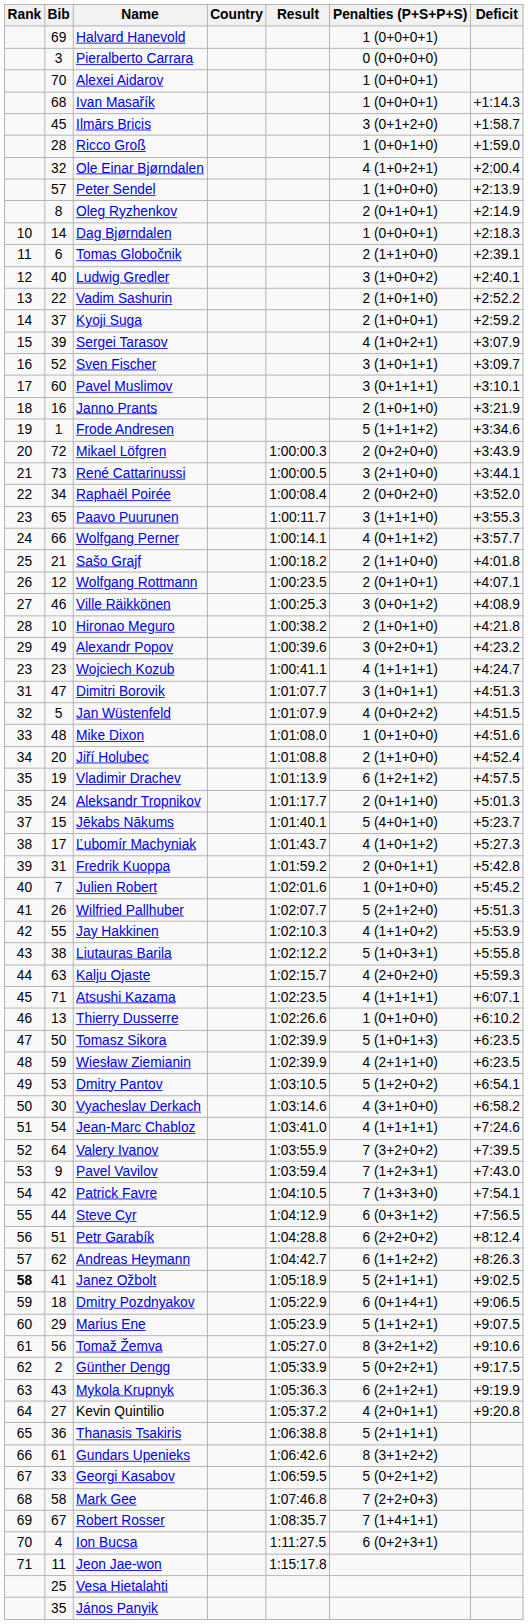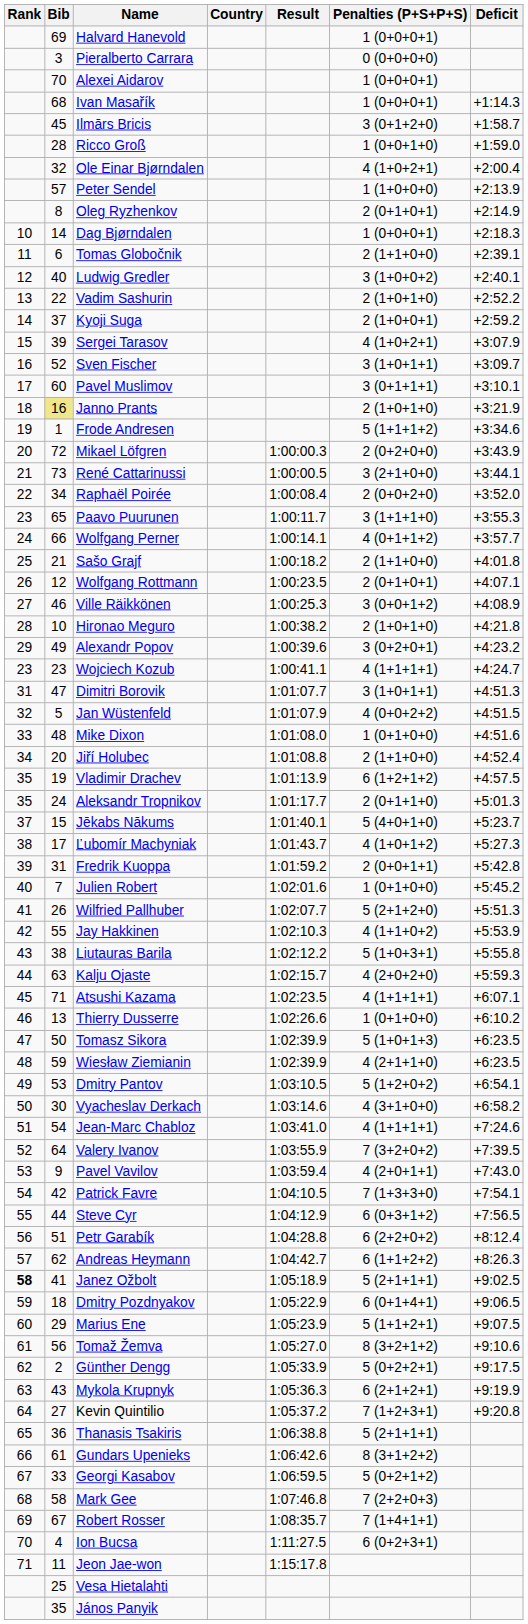 <table class="wikitable sortable" style="text-align:center">
 <tr>
 <th>Rank</th>
 <th>Bib</th>
 <th>Name</th>
 <th>Country</th>
 <th>Result</th>
 <th>Penalties (P+S+P+S)</th>
 <th>Deficit</th>
 </tr>
 <tr>
 <td></td>
 <td>69</td>
 <td align="left"><a href='#'>Halvard Hanevold</a></td>
 <td align="left"></td>
 <td></td>
 <td>1 (0+0+0+1)</td>
 <td></td>
 </tr>
 <tr>
 <td></td>
 <td>3</td>
 <td align="left"><a href='#'>Pieralberto Carrara</a></td>
 <td align="left"></td>
 <td></td>
 <td>0 (0+0+0+0)</td>
 <td></td>
 </tr>
 <tr>
 <td></td>
 <td>70</td>
 <td align="left"><a href='#'>Alexei Aidarov</a></td>
 <td align="left"></td>
 <td></td>
 <td>1 (0+0+0+1)</td>
 <td></td>
 </tr>
 <tr>
 <td></td>
 <td>68</td>
 <td align="left"><a href='#'>Ivan Masařík</a></td>
 <td align="left"></td>
 <td></td>
 <td>1 (0+0+0+1)</td>
 <td>+1:14.3</td>
 </tr>
 <tr>
 <td></td>
 <td>45</td>
 <td align="left"><a href='#'>Ilmārs Bricis</a></td>
 <td align="left"></td>
 <td></td>
 <td>3 (0+1+2+0)</td>
 <td>+1:58.7</td>
 </tr>
 <tr>
 <td></td>
 <td>28</td>
 <td align="left"><a href='#'>Ricco Groß</a></td>
 <td align="left"></td>
 <td></td>
 <td>1 (0+0+1+0)</td>
 <td>+1:59.0</td>
 </tr>
 <tr>
 <td></td>
 <td>32</td>
 <td align="left"><a href='#'>Ole Einar Bjørndalen</a></td>
 <td align="left"></td>
 <td></td>
 <td>4 (1+0+2+1)</td>
 <td>+2:00.4</td>
 </tr>
 <tr>
 <td></td>
 <td>57</td>
 <td align="left"><a href='#'>Peter Sendel</a></td>
 <td align="left"></td>
 <td></td>
 <td>1 (1+0+0+0)</td>
 <td>+2:13.9</td>
 </tr>
 <tr>
 <td></td>
 <td>8</td>
 <td align="left"><a href='#'>Oleg Ryzhenkov</a></td>
 <td align="left"></td>
 <td></td>
 <td>2 (0+1+0+1)</td>
 <td>+2:14.9</td>
 </tr>
 <tr>
 <td>10</td>
 <td>14</td>
 <td align="left"><a href='#'>Dag Bjørndalen</a></td>
 <td align="left"></td>
 <td></td>
 <td>1 (0+0+0+1)</td>
 <td>+2:18.3</td>
 </tr>
 <tr>
 <td>11</td>
 <td>6</td>
 <td align="left"><a href='#'>Tomas Globočnik</a></td>
 <td align="left"></td>
 <td></td>
 <td>2 (1+1+0+0)</td>
 <td>+2:39.1</td>
 </tr>
 <tr>
 <td>12</td>
 <td>40</td>
 <td align="left"><a href='#'>Ludwig Gredler</a></td>
 <td align="left"></td>
 <td></td>
 <td>3 (1+0+0+2)</td>
 <td>+2:40.1</td>
 </tr>
 <tr>
 <td>13</td>
 <td>22</td>
 <td align="left"><a href='#'>Vadim Sashurin</a></td>
 <td align="left"></td>
 <td></td>
 <td>2 (1+0+1+0)</td>
 <td>+2:52.2</td>
 </tr>
 <tr>
 <td>14</td>
 <td>37</td>
 <td align="left"><a href='#'>Kyoji Suga</a></td>
 <td align="left"></td>
 <td></td>
 <td>2 (1+0+0+1)</td>
 <td>+2:59.2</td>
 </tr>
 <tr>
 <td>15</td>
 <td>39</td>
 <td align="left"><a href='#'>Sergei Tarasov</a></td>
 <td align="left"></td>
 <td></td>
 <td>4 (1+0+2+1)</td>
 <td>+3:07.9</td>
 </tr>
 <tr>
 <td>16</td>
 <td>52</td>
 <td align="left"><a href='#'>Sven Fischer</a></td>
 <td align="left"></td>
 <td></td>
 <td>3 (1+0+1+1)</td>
 <td>+3:09.7</td>
 </tr>
 <tr>
 <td>17</td>
 <td>60</td>
 <td align="left"><a href='#'>Pavel Muslimov</a></td>
 <td align="left"></td>
 <td></td>
 <td>3 (0+1+1+1)</td>
 <td>+3:10.1</td>
 </tr>
 <tr>
 <td>18</td>
-<td>16</td>
+<td style="background: khaki;">16</td>
 <td align="left"><a href='#'>Janno Prants</a></td>
 <td align="left"></td>
 <td></td>
 <td>2 (1+0+1+0)</td>
 <td>+3:21.9</td>
 </tr>
 <tr>
 <td>19</td>
 <td>1</td>
 <td align="left"><a href='#'>Frode Andresen</a></td>
 <td align="left"></td>
 <td></td>
 <td>5 (1+1+1+2)</td>
 <td>+3:34.6</td>
 </tr>
 <tr>
 <td>20</td>
 <td>72</td>
 <td align="left"><a href='#'>Mikael Löfgren</a></td>
 <td align="left"></td>
 <td>1:00:00.3</td>
 <td>2 (0+2+0+0)</td>
 <td>+3:43.9</td>
 </tr>
 <tr>
 <td>21</td>
 <td>73</td>
 <td align="left"><a href='#'>René Cattarinussi</a></td>
 <td align="left"></td>
 <td>1:00:00.5</td>
 <td>3 (2+1+0+0)</td>
 <td>+3:44.1</td>
 </tr>
 <tr>
 <td>22</td>
 <td>34</td>
 <td align="left"><a href='#'>Raphaël Poirée</a></td>
 <td align="left"></td>
 <td>1:00:08.4</td>
 <td>2 (0+0+2+0)</td>
 <td>+3:52.0</td>
 </tr>
 <tr>
 <td>23</td>
 <td>65</td>
 <td align="left"><a href='#'>Paavo Puurunen</a></td>
 <td align="left"></td>
 <td>1:00:11.7</td>
 <td>3 (1+1+1+0)</td>
 <td>+3:55.3</td>
 </tr>
 <tr>
 <td>24</td>
 <td>66</td>
 <td align="left"><a href='#'>Wolfgang Perner</a></td>
 <td align="left"></td>
 <td>1:00:14.1</td>
 <td>4 (0+1+1+2)</td>
 <td>+3:57.7</td>
 </tr>
 <tr>
 <td>25</td>
 <td>21</td>
 <td align="left"><a href='#'>Sašo Grajf</a></td>
 <td align="left"></td>
 <td>1:00:18.2</td>
 <td>2 (1+1+0+0)</td>
 <td>+4:01.8</td>
 </tr>
 <tr>
 <td>26</td>
 <td>12</td>
 <td align="left"><a href='#'>Wolfgang Rottmann</a></td>
 <td align="left"></td>
 <td>1:00:23.5</td>
 <td>2 (0+1+0+1)</td>
 <td>+4:07.1</td>
 </tr>
 <tr>
 <td>27</td>
 <td>46</td>
 <td align="left"><a href='#'>Ville Räikkönen</a></td>
 <td align="left"></td>
 <td>1:00:25.3</td>
 <td>3 (0+0+1+2)</td>
 <td>+4:08.9</td>
 </tr>
 <tr>
 <td>28</td>
 <td>10</td>
 <td align="left"><a href='#'>Hironao Meguro</a></td>
 <td align="left"></td>
 <td>1:00:38.2</td>
 <td>2 (1+0+1+0)</td>
 <td>+4:21.8</td>
 </tr>
 <tr>
 <td>29</td>
 <td>49</td>
 <td align="left"><a href='#'>Alexandr Popov</a></td>
 <td align="left"></td>
 <td>1:00:39.6</td>
 <td>3 (0+2+0+1)</td>
 <td>+4:23.2</td>
 </tr>
 <tr>
 <td>23</td>
 <td>23</td>
 <td align="left"><a href='#'>Wojciech Kozub</a></td>
 <td align="left"></td>
 <td>1:00:41.1</td>
 <td>4 (1+1+1+1)</td>
 <td>+4:24.7</td>
 </tr>
 <tr>
 <td>31</td>
 <td>47</td>
 <td align="left"><a href='#'>Dimitri Borovik</a></td>
 <td align="left"></td>
 <td>1:01:07.7</td>
 <td>3 (1+0+1+1)</td>
 <td>+4:51.3</td>
 </tr>
 <tr>
 <td>32</td>
 <td>5</td>
 <td align="left"><a href='#'>Jan Wüstenfeld</a></td>
 <td align="left"></td>
 <td>1:01:07.9</td>
 <td>4 (0+0+2+2)</td>
 <td>+4:51.5</td>
 </tr>
 <tr>
 <td>33</td>
 <td>48</td>
 <td align="left"><a href='#'>Mike Dixon</a></td>
 <td align="left"></td>
 <td>1:01:08.0</td>
 <td>1 (0+1+0+0)</td>
 <td>+4:51.6</td>
 </tr>
 <tr>
 <td>34</td>
 <td>20</td>
 <td align="left"><a href='#'>Jiří Holubec</a></td>
 <td align="left"></td>
 <td>1:01:08.8</td>
 <td>2 (1+1+0+0)</td>
 <td>+4:52.4</td>
 </tr>
 <tr>
 <td>35</td>
 <td>19</td>
 <td align="left"><a href='#'>Vladimir Drachev</a></td>
 <td align="left"></td>
 <td>1:01:13.9</td>
 <td>6 (1+2+1+2)</td>
 <td>+4:57.5</td>
 </tr>
 <tr>
 <td>35</td>
 <td>24</td>
 <td align="left"><a href='#'>Aleksandr Tropnikov</a></td>
 <td align="left"></td>
 <td>1:01:17.7</td>
 <td>2 (0+1+1+0)</td>
 <td>+5:01.3</td>
 </tr>
 <tr>
 <td>37</td>
 <td>15</td>
 <td align="left"><a href='#'>Jēkabs Nākums</a></td>
 <td align="left"></td>
 <td>1:01:40.1</td>
 <td>5 (4+0+1+0)</td>
 <td>+5:23.7</td>
 </tr>
 <tr>
 <td>38</td>
 <td>17</td>
 <td align="left"><a href='#'>Ľubomír Machyniak</a></td>
 <td align="left"></td>
 <td>1:01:43.7</td>
 <td>4 (1+0+1+2)</td>
 <td>+5:27.3</td>
 </tr>
 <tr>
 <td>39</td>
 <td>31</td>
 <td align="left"><a href='#'>Fredrik Kuoppa</a></td>
 <td align="left"></td>
 <td>1:01:59.2</td>
 <td>2 (0+0+1+1)</td>
 <td>+5:42.8</td>
 </tr>
 <tr>
 <td>40</td>
 <td>7</td>
 <td align="left"><a href='#'>Julien Robert</a></td>
 <td align="left"></td>
 <td>1:02:01.6</td>
 <td>1 (0+1+0+0)</td>
 <td>+5:45.2</td>
 </tr>
 <tr>
 <td>41</td>
 <td>26</td>
 <td align="left"><a href='#'>Wilfried Pallhuber</a></td>
 <td align="left"></td>
 <td>1:02:07.7</td>
 <td>5 (2+1+2+0)</td>
 <td>+5:51.3</td>
 </tr>
 <tr>
 <td>42</td>
 <td>55</td>
 <td align="left"><a href='#'>Jay Hakkinen</a></td>
 <td align="left"></td>
 <td>1:02:10.3</td>
 <td>4 (1+1+0+2)</td>
 <td>+5:53.9</td>
 </tr>
 <tr>
 <td>43</td>
 <td>38</td>
 <td align="left"><a href='#'>Liutauras Barila</a></td>
 <td align="left"></td>
 <td>1:02:12.2</td>
 <td>5 (1+0+3+1)</td>
 <td>+5:55.8</td>
 </tr>
 <tr>
 <td>44</td>
 <td>63</td>
 <td align="left"><a href='#'>Kalju Ojaste</a></td>
 <td align="left"></td>
 <td>1:02:15.7</td>
 <td>4 (2+0+2+0)</td>
 <td>+5:59.3</td>
 </tr>
 <tr>
 <td>45</td>
 <td>71</td>
 <td align="left"><a href='#'>Atsushi Kazama</a></td>
 <td align="left"></td>
 <td>1:02:23.5</td>
 <td>4 (1+1+1+1)</td>
 <td>+6:07.1</td>
 </tr>
 <tr>
 <td>46</td>
 <td>13</td>
 <td align="left"><a href='#'>Thierry Dusserre</a></td>
 <td align="left"></td>
 <td>1:02:26.6</td>
 <td>1 (0+1+0+0)</td>
 <td>+6:10.2</td>
 </tr>
 <tr>
 <td>47</td>
 <td>50</td>
 <td align="left"><a href='#'>Tomasz Sikora</a></td>
 <td align="left"></td>
 <td>1:02:39.9</td>
 <td>5 (1+0+1+3)</td>
 <td>+6:23.5</td>
 </tr>
 <tr>
 <td>48</td>
 <td>59</td>
 <td align="left"><a href='#'>Wiesław Ziemianin</a></td>
 <td align="left"></td>
 <td>1:02:39.9</td>
 <td>4 (2+1+1+0)</td>
 <td>+6:23.5</td>
 </tr>
 <tr>
 <td>49</td>
 <td>53</td>
 <td align="left"><a href='#'>Dmitry Pantov</a></td>
 <td align="left"></td>
 <td>1:03:10.5</td>
 <td>5 (1+2+0+2)</td>
 <td>+6:54.1</td>
 </tr>
 <tr>
 <td>50</td>
 <td>30</td>
 <td align="left"><a href='#'>Vyacheslav Derkach</a></td>
 <td align="left"></td>
 <td>1:03:14.6</td>
 <td>4 (3+1+0+0)</td>
 <td>+6:58.2</td>
 </tr>
 <tr>
 <td>51</td>
 <td>54</td>
 <td align="left"><a href='#'>Jean-Marc Chabloz</a></td>
 <td align="left"></td>
 <td>1:03:41.0</td>
 <td>4 (1+1+1+1)</td>
 <td>+7:24.6</td>
 </tr>
 <tr>
 <td>52</td>
 <td>64</td>
 <td align="left"><a href='#'>Valery Ivanov</a></td>
 <td align="left"></td>
 <td>1:03:55.9</td>
 <td>7 (3+2+0+2)</td>
 <td>+7:39.5</td>
 </tr>
 <tr>
 <td>53</td>
 <td>9</td>
 <td align="left"><a href='#'>Pavel Vavilov</a></td>
 <td align="left"></td>
 <td>1:03:59.4</td>
-<td>7 (1+2+3+1)</td>
+<td>4 (2+0+1+1)</td>
 <td>+7:43.0</td>
 </tr>
 <tr>
 <td>54</td>
 <td>42</td>
 <td align="left"><a href='#'>Patrick Favre</a></td>
 <td align="left"></td>
 <td>1:04:10.5</td>
 <td>7 (1+3+3+0)</td>
 <td>+7:54.1</td>
 </tr>
 <tr>
 <td>55</td>
 <td>44</td>
 <td align="left"><a href='#'>Steve Cyr</a></td>
 <td align="left"></td>
 <td>1:04:12.9</td>
 <td>6 (0+3+1+2)</td>
 <td>+7:56.5</td>
 </tr>
 <tr>
 <td>56</td>
 <td>51</td>
 <td align="left"><a href='#'>Petr Garabík</a></td>
 <td align="left"></td>
 <td>1:04:28.8</td>
 <td>6 (2+2+0+2)</td>
 <td>+8:12.4</td>
 </tr>
 <tr>
 <td>57</td>
 <td>62</td>
 <td align="left"><a href='#'>Andreas Heymann</a></td>
 <td align="left"></td>
 <td>1:04:42.7</td>
 <td>6 (1+1+2+2)</td>
 <td>+8:26.3</td>
 </tr>
 <tr>
 <td><strong>58</strong></td>
 <td>41</td>
 <td align="left"><a href='#'>Janez Ožbolt</a></td>
 <td align="left"></td>
 <td>1:05:18.9</td>
 <td>5 (2+1+1+1)</td>
 <td>+9:02.5</td>
 </tr>
 <tr>
 <td>59</td>
 <td>18</td>
 <td align="left"><a href='#'>Dmitry Pozdnyakov</a></td>
 <td align="left"></td>
 <td>1:05:22.9</td>
 <td>6 (0+1+4+1)</td>
 <td>+9:06.5</td>
 </tr>
 <tr>
 <td>60</td>
 <td>29</td>
 <td align="left"><a href='#'>Marius Ene</a></td>
 <td align="left"></td>
 <td>1:05:23.9</td>
 <td>5 (1+1+2+1)</td>
 <td>+9:07.5</td>
 </tr>
 <tr>
 <td>61</td>
 <td>56</td>
 <td align="left"><a href='#'>Tomaž Žemva</a></td>
 <td align="left"></td>
 <td>1:05:27.0</td>
 <td>8 (3+2+1+2)</td>
 <td>+9:10.6</td>
 </tr>
 <tr>
 <td>62</td>
 <td>2</td>
 <td align="left"><a href='#'>Günther Dengg</a></td>
 <td align="left"></td>
 <td>1:05:33.9</td>
 <td>5 (0+2+2+1)</td>
 <td>+9:17.5</td>
 </tr>
 <tr>
 <td>63</td>
 <td>43</td>
 <td align="left"><a href='#'>Mykola Krupnyk</a></td>
 <td align="left"></td>
 <td>1:05:36.3</td>
 <td>6 (2+1+2+1)</td>
 <td>+9:19.9</td>
 </tr>
 <tr>
 <td>64</td>
 <td>27</td>
 <td align="left">Kevin Quintilio</td>
 <td align="left"></td>
 <td>1:05:37.2</td>
-<td>4 (2+0+1+1)</td>
+<td>7 (1+2+3+1)</td>
 <td>+9:20.8</td>
 </tr>
 <tr>
 <td>65</td>
 <td>36</td>
 <td align="left"><a href='#'>Thanasis Tsakiris</a></td>
 <td align="left"></td>
 <td>1:06:38.8</td>
 <td>5 (2+1+1+1)</td>
 <td></td>
 </tr>
 <tr>
 <td>66</td>
 <td>61</td>
 <td align="left"><a href='#'>Gundars Upenieks</a></td>
 <td align="left"></td>
 <td>1:06:42.6</td>
 <td>8 (3+1+2+2)</td>
 <td></td>
 </tr>
 <tr>
 <td>67</td>
 <td>33</td>
 <td align="left"><a href='#'>Georgi Kasabov</a></td>
 <td align="left"></td>
 <td>1:06:59.5</td>
 <td>5 (0+2+1+2)</td>
 <td></td>
 </tr>
 <tr>
 <td>68</td>
 <td>58</td>
 <td align="left"><a href='#'>Mark Gee</a></td>
 <td align="left"></td>
 <td>1:07:46.8</td>
 <td>7 (2+2+0+3)</td>
 <td></td>
 </tr>
 <tr>
 <td>69</td>
 <td>67</td>
 <td align="left"><a href='#'>Robert Rosser</a></td>
 <td align="left"></td>
 <td>1:08:35.7</td>
 <td>7 (1+4+1+1)</td>
 <td></td>
 </tr>
 <tr>
 <td>70</td>
 <td>4</td>
 <td align="left"><a href='#'>Ion Bucsa</a></td>
 <td align="left"></td>
 <td>1:11:27.5</td>
 <td>6 (0+2+3+1)</td>
 <td></td>
 </tr>
 <tr>
 <td>71</td>
 <td>11</td>
 <td align="left"><a href='#'>Jeon Jae-won</a></td>
 <td align="left"></td>
 <td>1:15:17.8</td>
 <td></td>
 <td></td>
 </tr>
 <tr>
 <td></td>
 <td>25</td>
 <td align="left"><a href='#'>Vesa Hietalahti</a></td>
 <td align="left"></td>
 <td></td>
 <td></td>
 <td></td>
 </tr>
 <tr>
 <td></td>
 <td>35</td>
 <td align="left"><a href='#'>János Panyik</a></td>
 <td align="left"></td>
 <td></td>
 <td></td>
 <td></td>
 </tr>
 </table>
